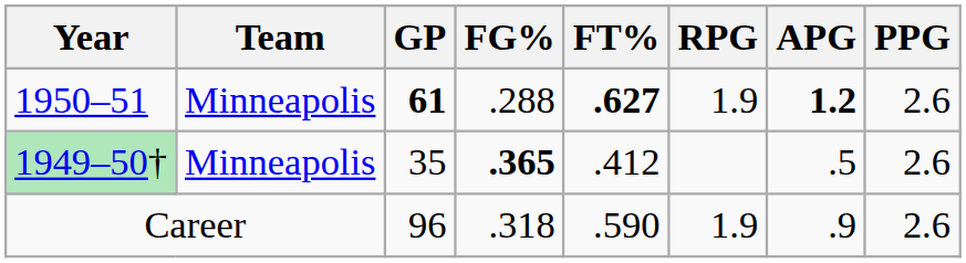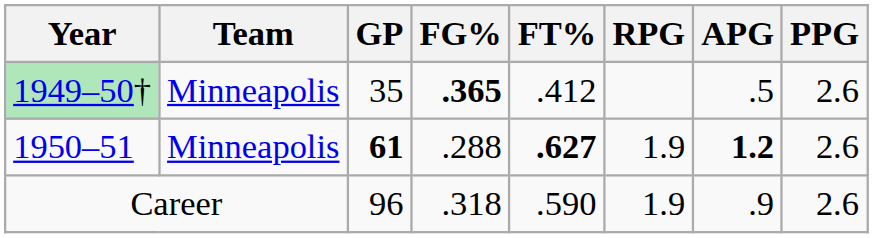 <table class="wikitable sortable" style="font-size:95%; text-align:right;">
 <tr>
 <th>Year</th>
 <th>Team</th>
 <th>GP</th>
 <th>FG%</th>
 <th>FT%</th>
 <th>RPG</th>
 <th>APG</th>
 <th>PPG</th>
 </tr>
 <tr>
+<td style="text-align:left;background:#afe6ba;"><a href='#'>1949–50</a>†</td>
+<td style="text-align:left;"><a href='#'>Minneapolis</a></td>
+<td>35</td>
+<td><strong>.365</strong></td>
+<td>.412</td>
+<td></td>
+<td>.5</td>
+<td>2.6</td>
+</tr>
+<tr>
 <td style="text-align:left;"><a href='#'>1950–51</a></td>
 <td style="text-align:left;"><a href='#'>Minneapolis</a></td>
 <td><strong>61</strong></td>
 <td>.288</td>
 <td><strong>.627</strong></td>
 <td>1.9</td>
 <td><strong>1.2</strong></td>
-<td>2.6</td>
-</tr>
-<tr>
-<td style="text-align:left;background:#afe6ba;"><a href='#'>1949–50</a>†</td>
-<td style="text-align:left;"><a href='#'>Minneapolis</a></td>
-<td>35</td>
-<td><strong>.365</strong></td>
-<td>.412</td>
-<td></td>
-<td>.5</td>
 <td>2.6</td>
 </tr>
 <tr>
 <td colspan="2" style="text-align:center;">Career</td>
 <td>96</td>
 <td>.318</td>
 <td>.590</td>
 <td>1.9</td>
 <td>.9</td>
 <td>2.6</td>
 </tr>
 </table>
